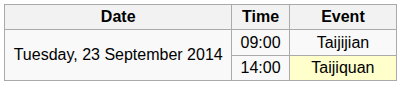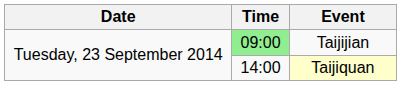 <table class = "wikitable" style="text-align:center;">
 <tr>
 <th width=220>Date</th>
 <th width=50>Time</th>
 <th width=100>Event</th>
 </tr>
 <tr>
 <td rowspan=2>Tuesday, 23 September 2014</td>
-<td>09:00</td>
+<td style="background: lightgreen;">09:00</td>
 <td>Taijijian</td>
 </tr>
 <tr>
 <td>14:00</td>
 <td bgcolor=ffffcc>Taijiquan</td>
 </tr>
 </table>
